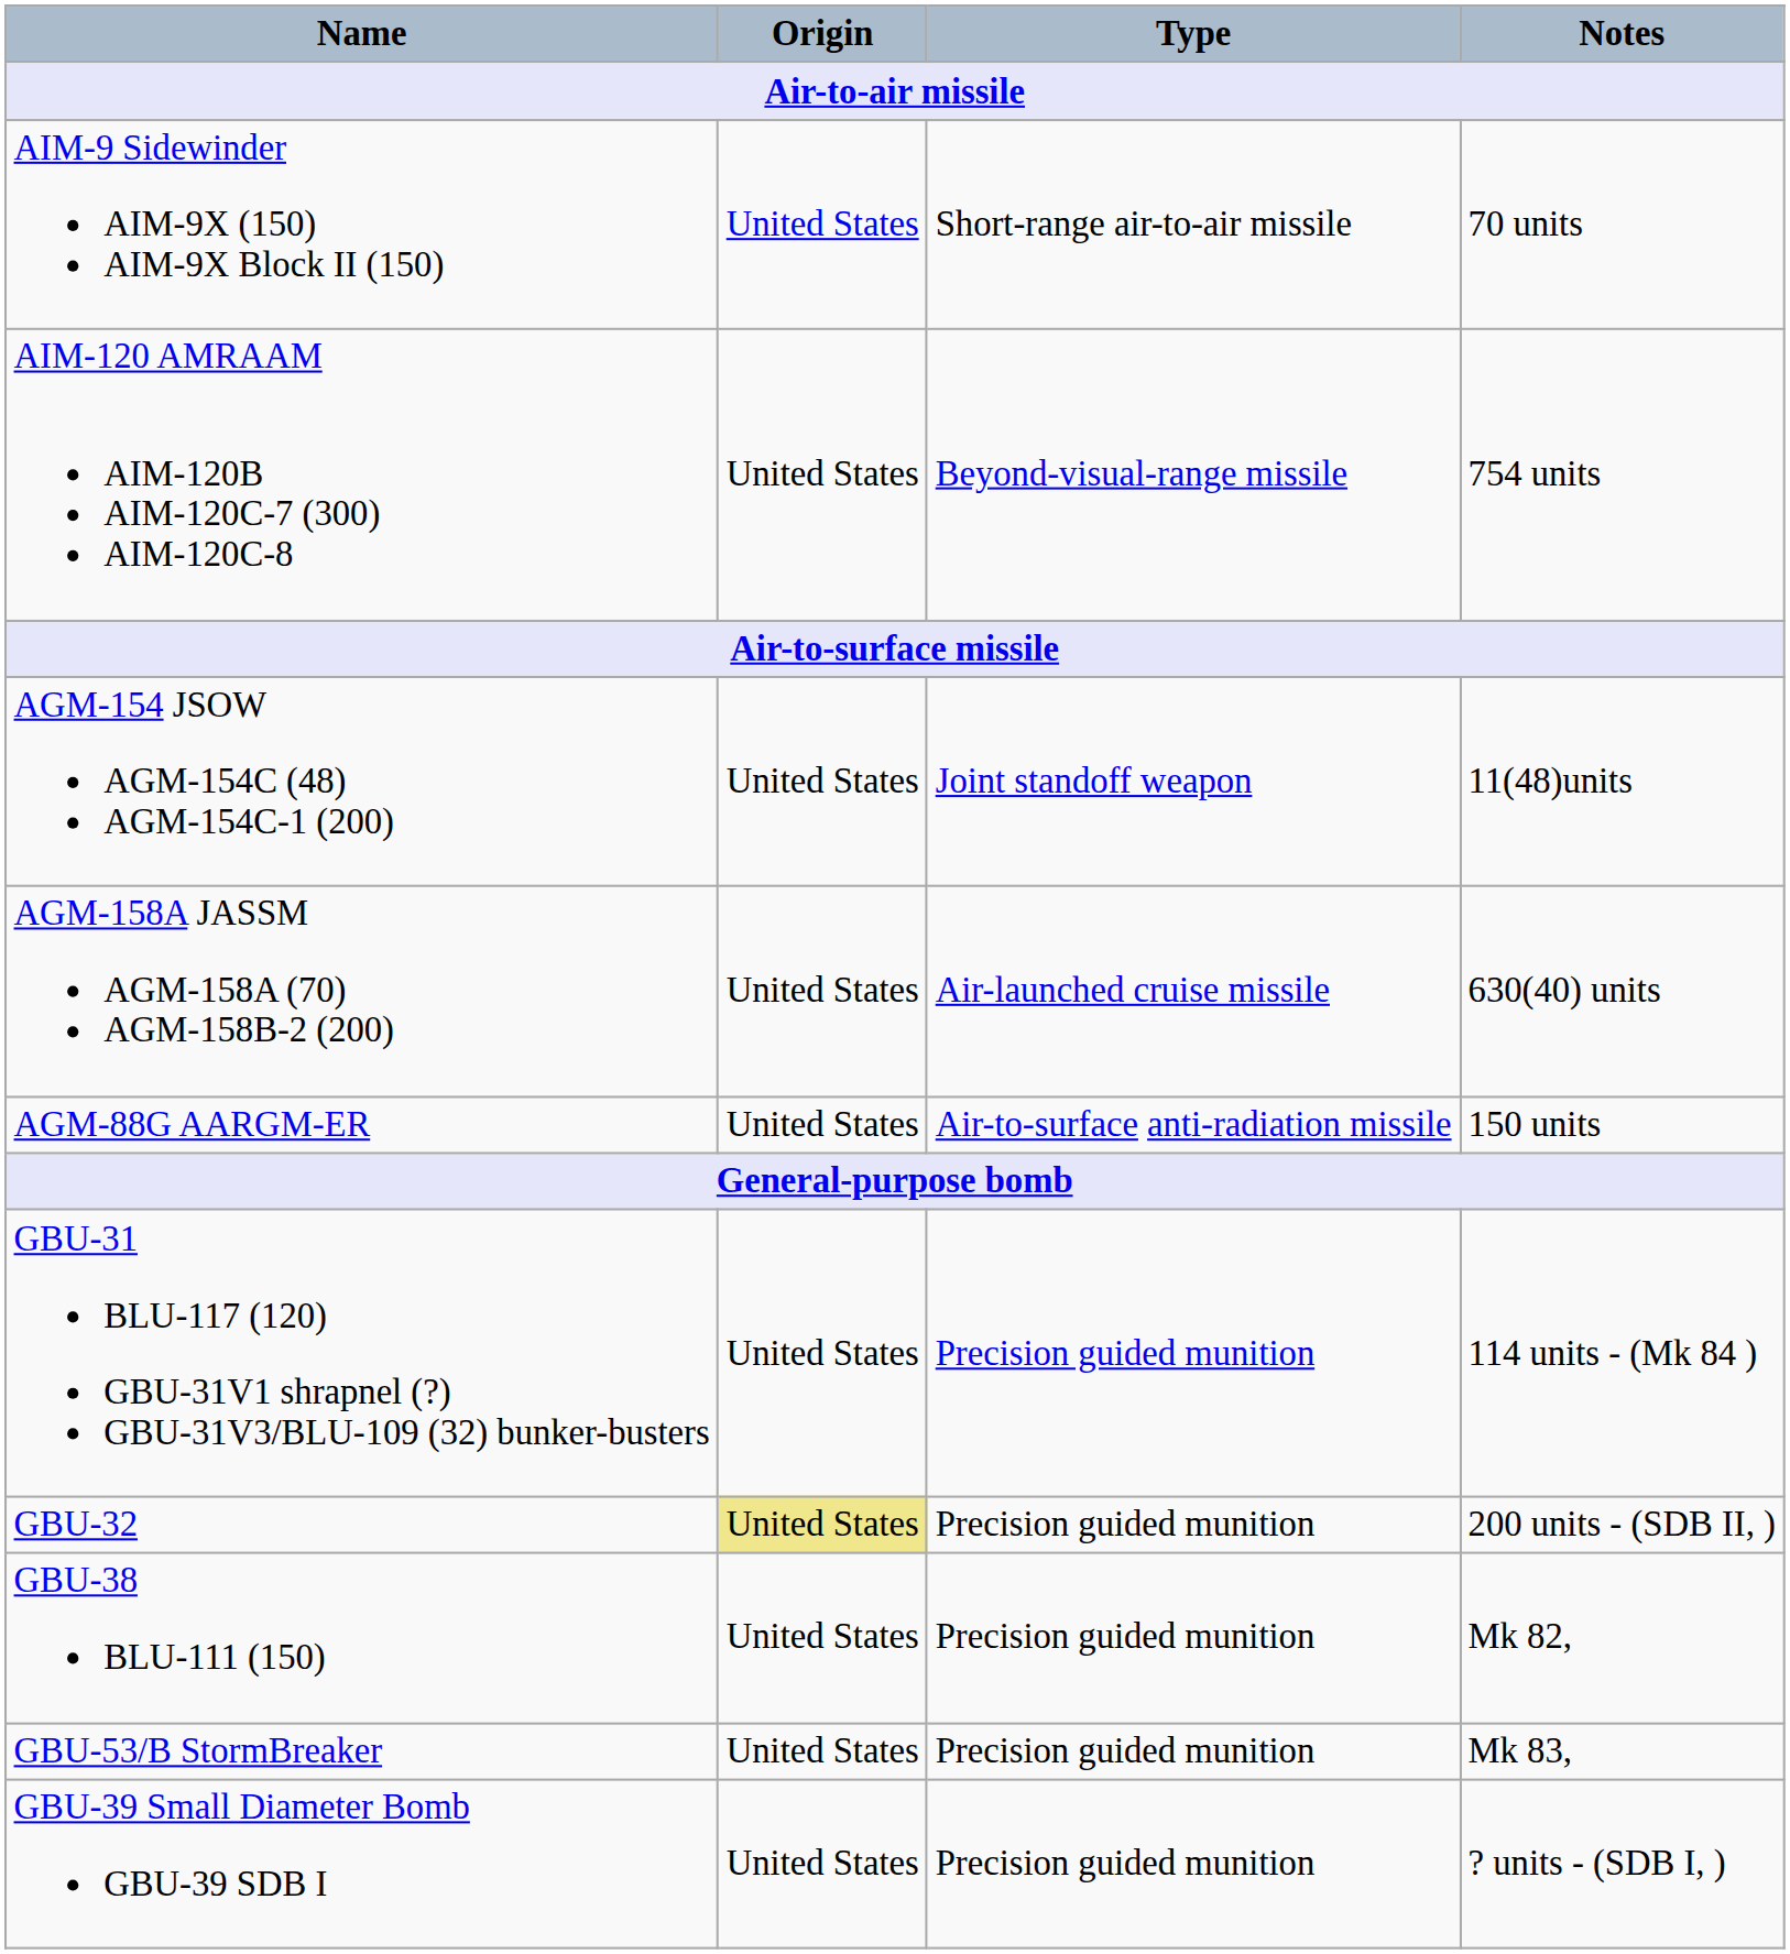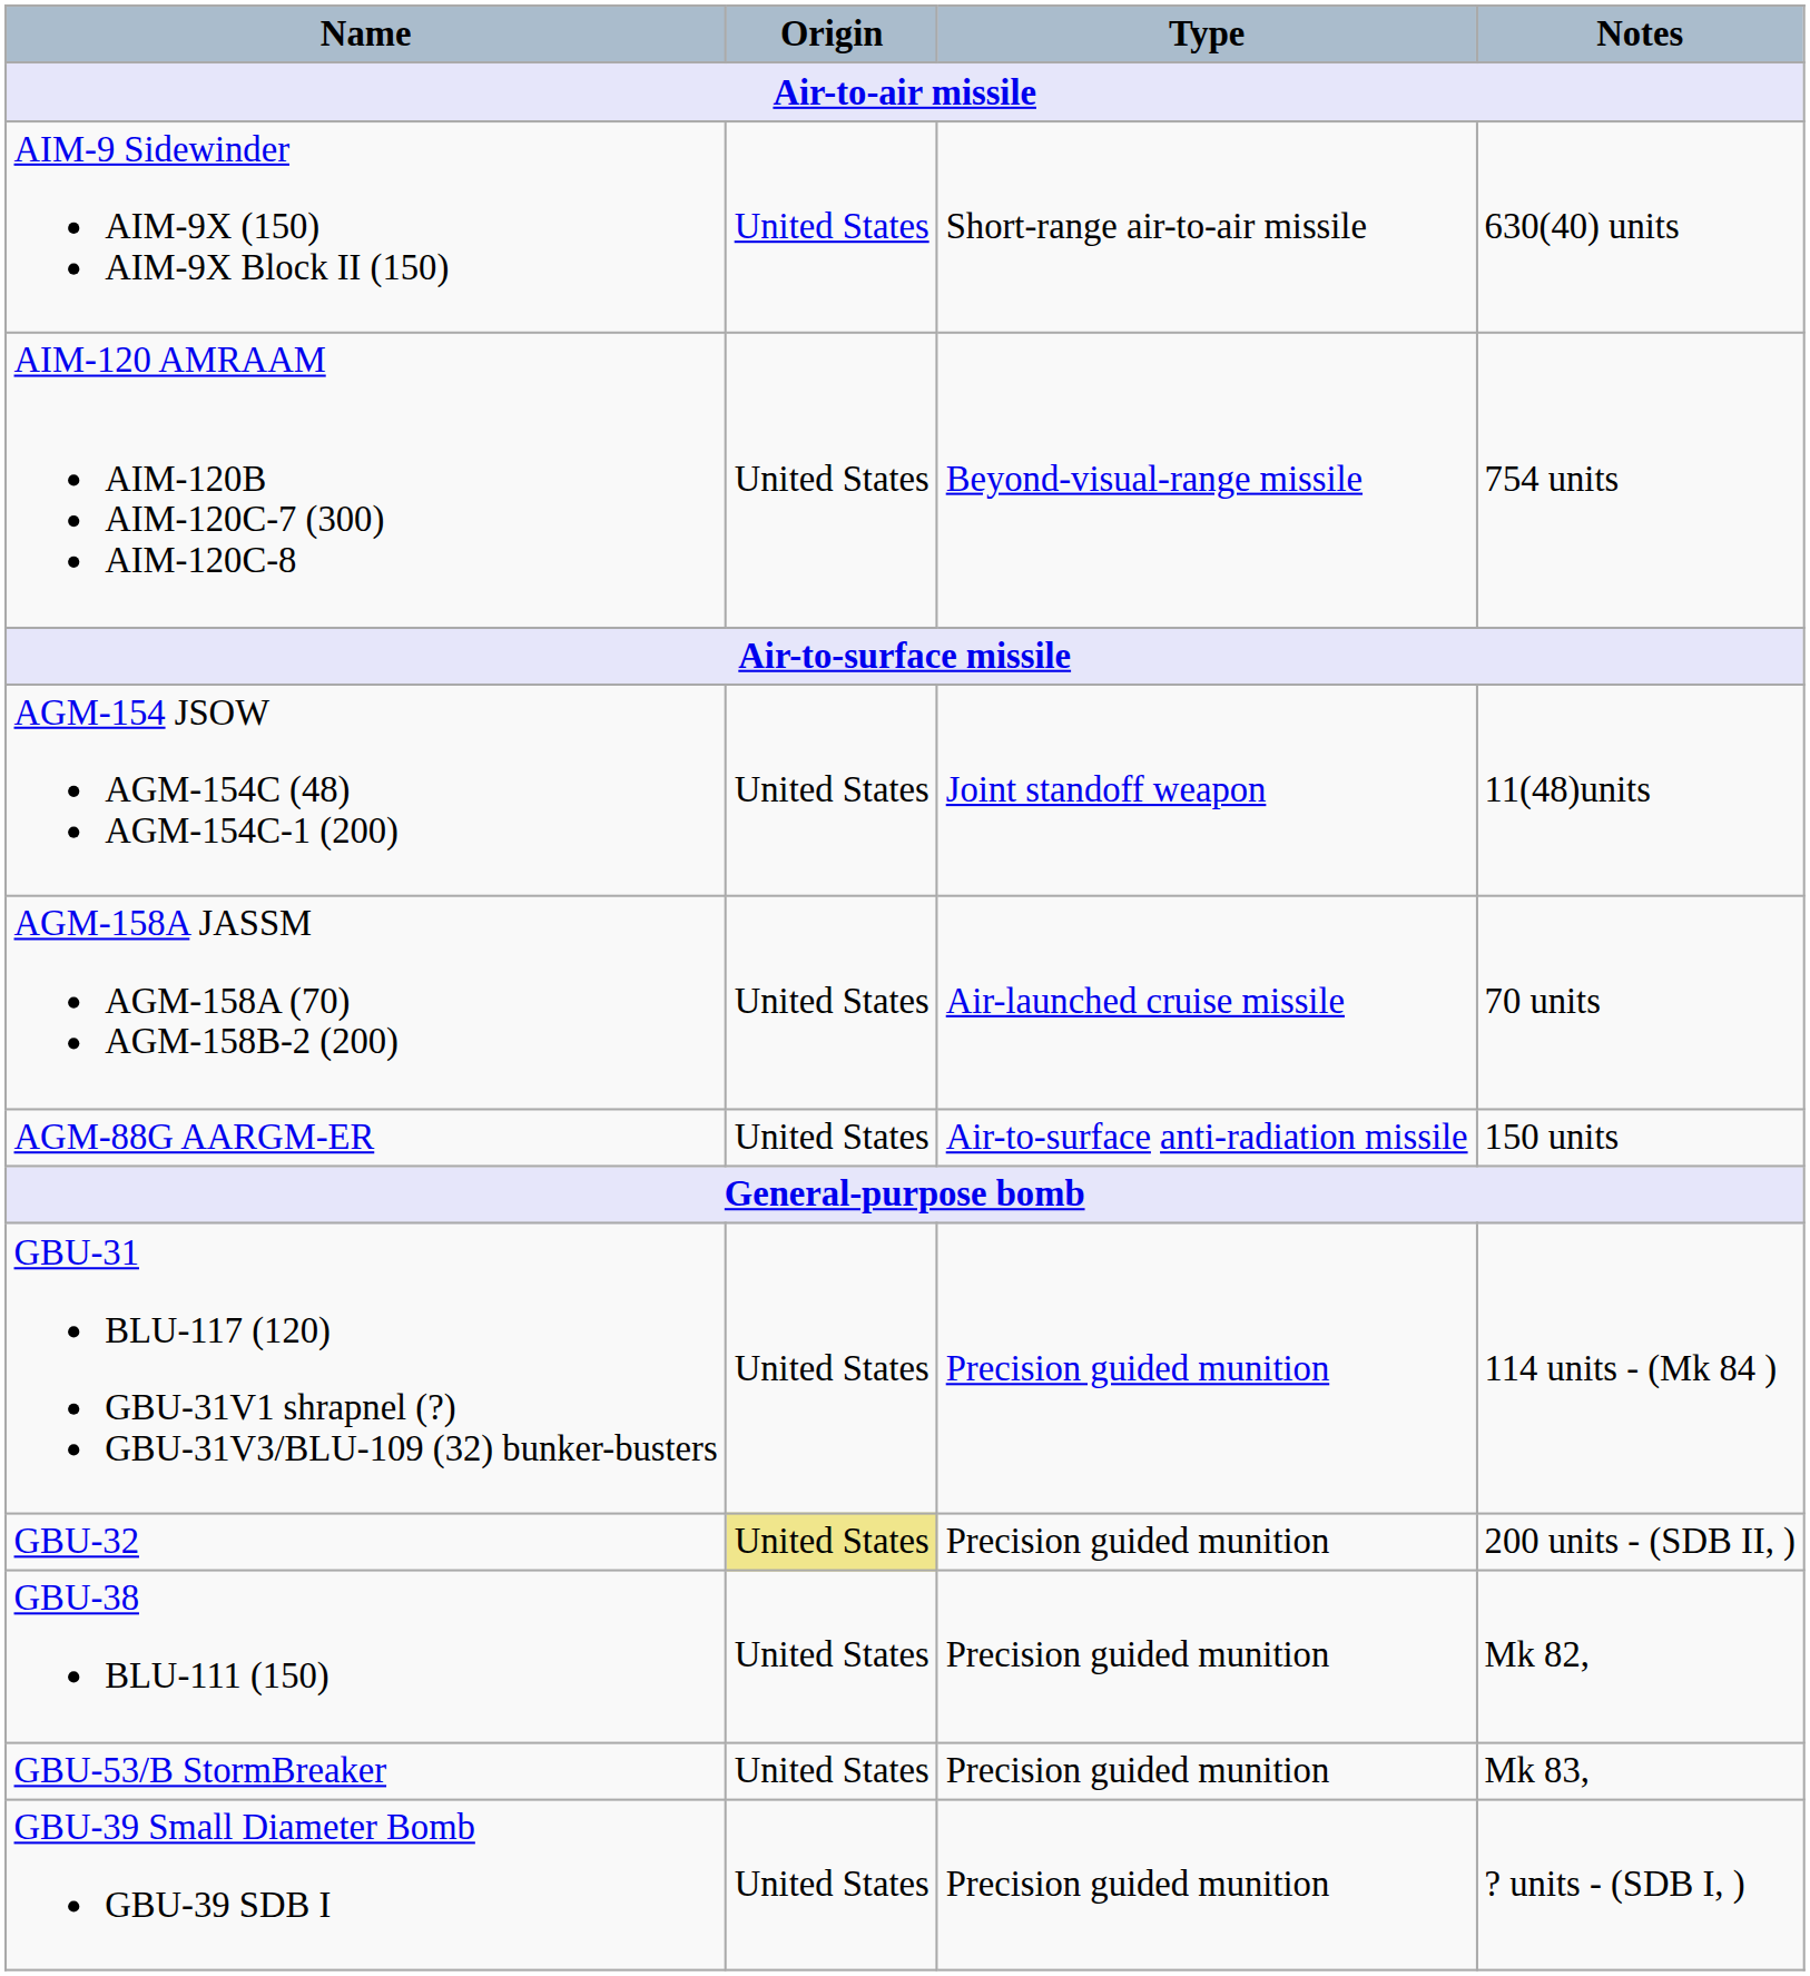 <table class="wikitable">
 <tr>
 <th style="text-align:center; background:#aabccc;">Name</th>
 <th style="text-align: center; background:#aabccc;">Origin</th>
 <th style="text-align:l center; background:#aabccc;">Type</th>
 <th style="text-align: center; background:#aabccc;">Notes</th>
 </tr>
 <tr>
 <th style="align: center; background: lavender;" colspan="7"><a href='#'>Air-to-air missile</a></th>
 </tr>
 <tr>
 <td><a href='#'>AIM-9 Sidewinder</a><br><ul><li>AIM-9X (150)</li><li>AIM-9X Block II (150)</li></ul></td>
 <td><a href='#'>United States</a></td>
 <td>Short-range air-to-air missile</td>
-<td>70 units</td>
+<td>630(40) units</td>
 </tr>
 <tr>
 <td><a href='#'>AIM-120 AMRAAM</a><br><br><ul><li>AIM-120B</li><li>AIM-120C-7 (300)</li><li>AIM-120C-8</li></ul></td>
 <td>United States</td>
 <td><a href='#'>Beyond-visual-range missile</a></td>
 <td>754 units</td>
 </tr>
 <tr>
 <th style="align: center; background: lavender;" colspan="7"><a href='#'>Air-to-surface missile</a></th>
 </tr>
 <tr>
 <td><a href='#'>AGM-154</a> JSOW<br><ul><li>AGM-154C (48)</li><li>AGM-154C-1 (200)</li></ul></td>
 <td>United States</td>
 <td><a href='#'>Joint standoff weapon</a></td>
 <td>11(48)units</td>
 </tr>
 <tr>
 <td><a href='#'>AGM-158A</a> JASSM<br><ul><li>AGM-158A (70)</li><li>AGM-158B-2 (200)</li></ul></td>
 <td>United States</td>
 <td><a href='#'>Air-launched cruise missile</a></td>
-<td>630(40) units</td>
+<td>70 units</td>
 </tr>
 <tr>
 <td><a href='#'>AGM-88G AARGM-ER</a></td>
 <td>United States</td>
 <td><a href='#'>Air-to-surface</a> <a href='#'>anti-radiation missile</a></td>
 <td>150 units</td>
 </tr>
 <tr>
 <th style="align: center; background: lavender;" colspan="7"><a href='#'>General-purpose bomb</a></th>
 </tr>
 <tr>
 <td><a href='#'>GBU-31</a><br><ul><li>BLU-117 (120)</li></ul><ul><li>GBU-31V1 shrapnel (?)</li><li>GBU-31V3/BLU-109 (32) bunker-busters</li></ul></td>
 <td>United States</td>
 <td><a href='#'>Precision guided munition</a></td>
 <td>114 units - (Mk 84 )</td>
 </tr>
 <tr>
 <td><a href='#'>GBU-32</a></td>
 <td style="background: khaki;">United States</td>
 <td>Precision guided munition</td>
 <td>200 units - (SDB II, )</td>
 </tr>
 <tr>
 <td><a href='#'>GBU-38</a><br><ul><li>BLU-111 (150)</li></ul></td>
 <td>United States</td>
 <td>Precision guided munition</td>
 <td>Mk 82, </td>
 </tr>
 <tr>
 <td><a href='#'>GBU-53/B StormBreaker</a></td>
 <td>United States</td>
 <td>Precision guided munition</td>
 <td>Mk 83, </td>
 </tr>
 <tr>
 <td><a href='#'>GBU-39 Small Diameter Bomb</a><br><ul><li>GBU-39 SDB I</li></ul></td>
 <td>United States</td>
 <td>Precision guided munition</td>
 <td>? units - (SDB I, )</td>
 </tr>
 </table>
